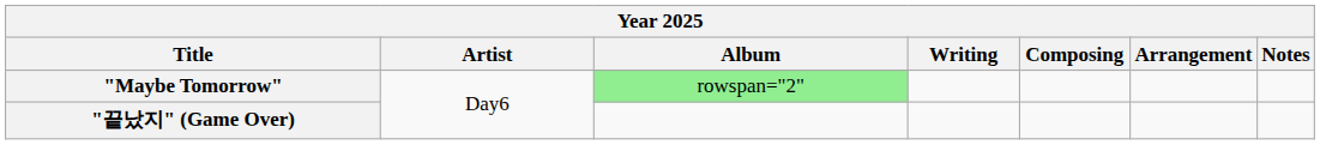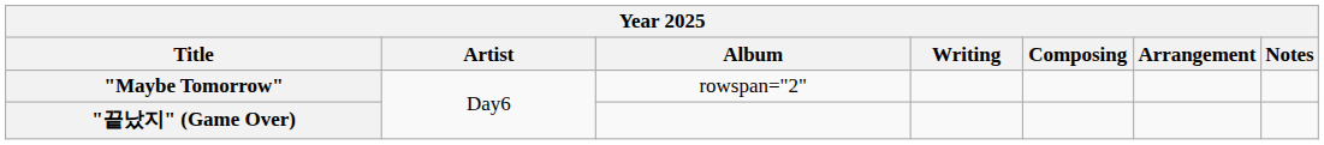 <table class="wikitable plainrowheaders collapsible collapsed" style="text-align:center">
 <tr>
 <th colspan="7">Year 2025</th>
 </tr>
 <tr>
 <th scope="col" style="width:18em;">Title</th>
 <th scope="col" style="width:10em;">Artist</th>
 <th scope="col" style="width:15em;">Album</th>
 <th scope="col" style="width:5em;">Writing</th>
 <th scope="col" style="width:5em;">Composing</th>
 <th scope="col" style="width:5em;">Arrangement</th>
 <th scope="col">Notes</th>
 </tr>
 <tr>
 <th scope="row">"Maybe Tomorrow"</th>
 <td rowspan="2">Day6</td>
-<td style="background: lightgreen;">rowspan="2" </td>
+<td>rowspan="2" </td>
 <td></td>
 <td></td>
 <td></td>
 <td></td>
 </tr>
 <tr>
 <th scope="row">"끝났지" (Game Over)</th>
 <td></td>
 <td></td>
 <td></td>
 <td></td>
 </tr>
 </table>
